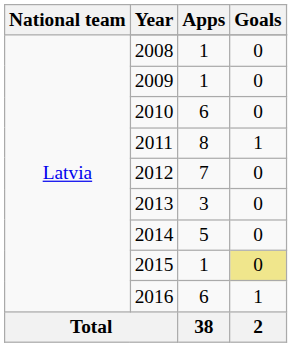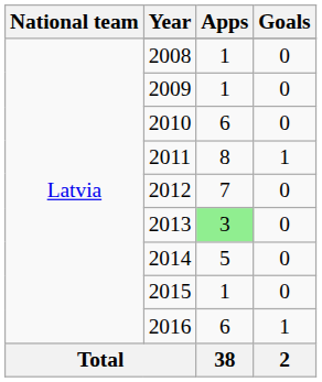 <table class="wikitable" style="text-align: center;">
 <tr>
 <th>National team</th>
 <th>Year</th>
 <th>Apps</th>
 <th>Goals</th>
 </tr>
 <tr>
 <td rowspan="10"><a href='#'>Latvia</a></td>
 </tr>
 <tr>
 <td>2008</td>
 <td>1</td>
 <td>0</td>
 </tr>
 <tr>
 <td>2009</td>
 <td>1</td>
 <td>0</td>
 </tr>
 <tr>
 <td>2010</td>
 <td>6</td>
 <td>0</td>
 </tr>
 <tr>
 <td>2011</td>
 <td>8</td>
 <td>1</td>
 </tr>
 <tr>
 <td>2012</td>
 <td>7</td>
 <td>0</td>
 </tr>
 <tr>
 <td>2013</td>
-<td>3</td>
+<td style="background: lightgreen;">3</td>
 <td>0</td>
 </tr>
 <tr>
 <td>2014</td>
 <td>5</td>
 <td>0</td>
 </tr>
 <tr>
 <td>2015</td>
 <td>1</td>
-<td style="background: khaki;">0</td>
+<td>0</td>
 </tr>
 <tr>
 <td>2016</td>
 <td>6</td>
 <td>1</td>
 </tr>
 <tr>
 <th colspan="2">Total</th>
 <th>38</th>
 <th>2</th>
 </tr>
 </table>
